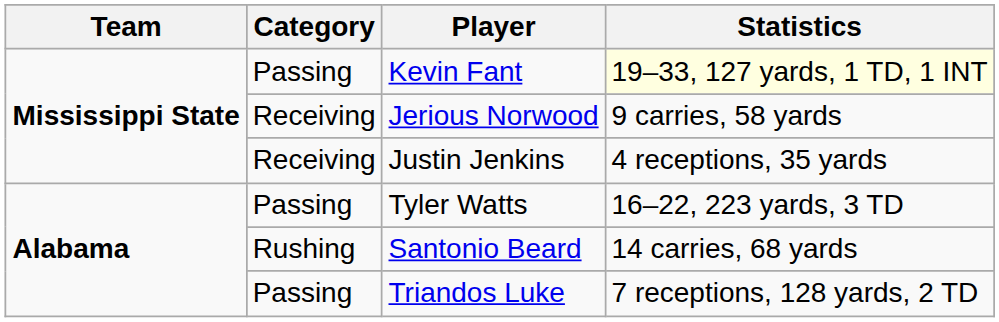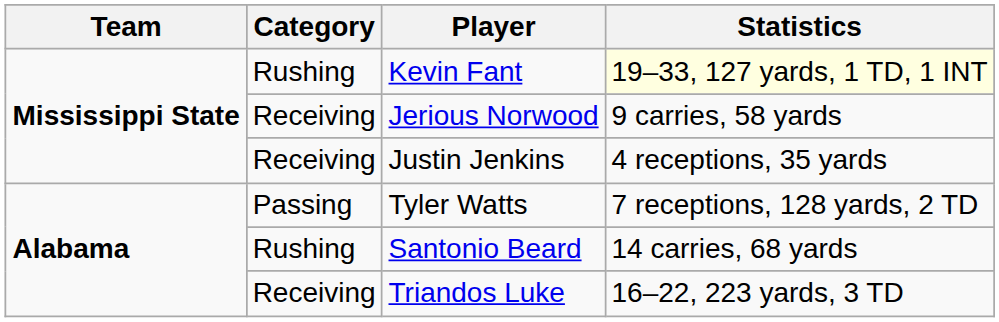 <table class="wikitable" style="float: right;">
 <tr>
 <th>Team</th>
 <th>Category</th>
 <th>Player</th>
 <th>Statistics</th>
 </tr>
 <tr>
 <td rowspan=3><strong>Mississippi State</strong></td>
-<td>Passing</td>
+<td>Rushing</td>
 <td><a href='#'>Kevin Fant</a></td>
 <td style="background: lightyellow;">19–33, 127 yards, 1 TD, 1 INT</td>
 </tr>
 <tr>
 <td>Receiving</td>
 <td><a href='#'>Jerious Norwood</a></td>
 <td>9 carries, 58 yards</td>
 </tr>
 <tr>
 <td>Receiving</td>
 <td>Justin Jenkins</td>
 <td>4 receptions, 35 yards</td>
 </tr>
 <tr>
 <td rowspan=3><strong>Alabama</strong></td>
 <td>Passing</td>
 <td>Tyler Watts</td>
-<td>16–22, 223 yards, 3 TD</td>
+<td>7 receptions, 128 yards, 2 TD</td>
 </tr>
 <tr>
 <td>Rushing</td>
 <td><a href='#'>Santonio Beard</a></td>
 <td>14 carries, 68 yards</td>
 </tr>
 <tr>
-<td>Passing</td>
+<td>Receiving</td>
 <td><a href='#'>Triandos Luke</a></td>
-<td>7 receptions, 128 yards, 2 TD</td>
+<td>16–22, 223 yards, 3 TD</td>
 </tr>
 </table>
